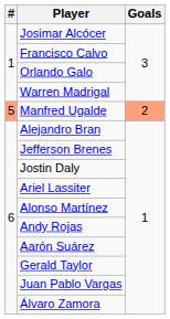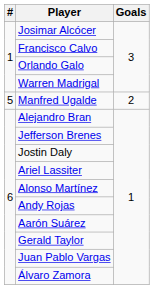 <table class="wikitable">
 <tr>
 <th>#</th>
 <th>Player</th>
 <th>Goals</th>
 </tr>
 <tr align=center>
 <td rowspan=4>1</td>
 <td align=left><a href='#'>Josimar Alcócer</a></td>
 <td rowspan=4>3</td>
 </tr>
 <tr>
 <td><a href='#'>Francisco Calvo</a></td>
 </tr>
 <tr>
 <td><a href='#'>Orlando Galo</a></td>
 </tr>
 <tr>
 <td><a href='#'>Warren Madrigal</a></td>
 </tr>
 <tr align=center>
-<td style="background: lightsalmon;">5</td>
+<td>5</td>
 <td align=left><a href='#'>Manfred Ugalde</a></td>
-<td style="background: lightsalmon;">2</td>
+<td>2</td>
 </tr>
 <tr align=center>
 <td rowspan=10>6</td>
 <td align=left><a href='#'>Alejandro Bran</a></td>
 <td rowspan=10>1</td>
 </tr>
 <tr>
 <td><a href='#'>Jefferson Brenes</a></td>
 </tr>
 <tr>
 <td>Jostin Daly</td>
 </tr>
 <tr>
 <td><a href='#'>Ariel Lassiter</a></td>
 </tr>
 <tr>
 <td><a href='#'>Alonso Martínez</a></td>
 </tr>
 <tr>
 <td><a href='#'>Andy Rojas</a></td>
 </tr>
 <tr>
 <td><a href='#'>Aarón Suárez</a></td>
 </tr>
 <tr>
 <td><a href='#'>Gerald Taylor</a></td>
 </tr>
 <tr>
 <td><a href='#'>Juan Pablo Vargas</a></td>
 </tr>
 <tr>
 <td><a href='#'>Álvaro Zamora</a></td>
 </tr>
 </table>
